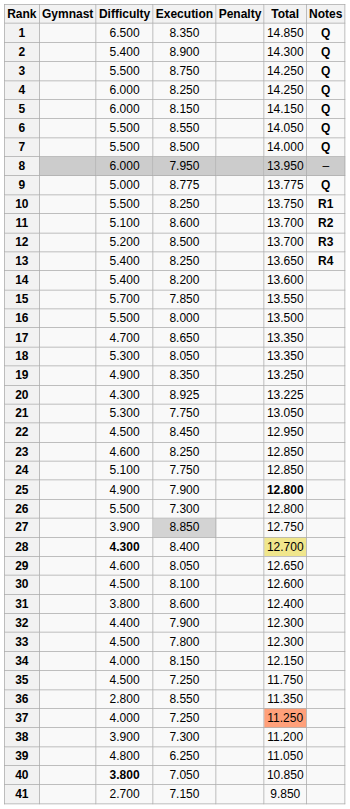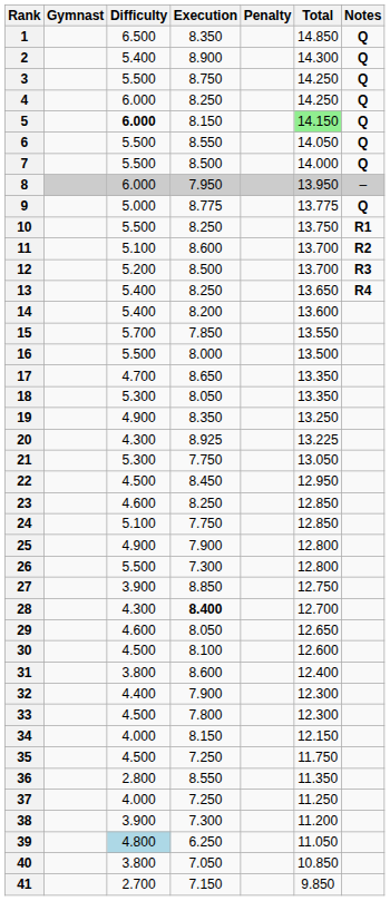 <table class="wikitable sortable" style="text-align:center">
 <tr>
 <th>Rank</th>
 <th>Gymnast</th>
 <th>Difficulty</th>
 <th>Execution</th>
 <th>Penalty</th>
 <th>Total</th>
 <th>Notes</th>
 </tr>
 <tr>
 <th scope=row>1</th>
 <td align=left></td>
 <td>6.500</td>
 <td>8.350</td>
 <td></td>
 <td>14.850</td>
 <td><strong>Q</strong></td>
 </tr>
 <tr>
 <th scope=row>2</th>
 <td align=left></td>
 <td>5.400</td>
 <td>8.900</td>
 <td></td>
 <td>14.300</td>
 <td><strong>Q</strong></td>
 </tr>
 <tr>
 <th scope=row>3</th>
 <td align=left></td>
 <td>5.500</td>
 <td>8.750</td>
 <td></td>
 <td>14.250</td>
 <td><strong>Q</strong></td>
 </tr>
 <tr>
 <th scope=row>4</th>
 <td align=left></td>
 <td>6.000</td>
 <td>8.250</td>
 <td></td>
 <td>14.250</td>
 <td><strong>Q</strong></td>
 </tr>
 <tr>
 <th scope=row>5</th>
 <td align=left></td>
-<td>6.000</td>
+<td><strong>6.000</strong></td>
 <td>8.150</td>
 <td></td>
-<td>14.150</td>
+<td style="background: lightgreen;">14.150</td>
 <td><strong>Q</strong></td>
 </tr>
 <tr>
 <th scope=row>6</th>
 <td align=left></td>
 <td>5.500</td>
 <td>8.550</td>
 <td></td>
 <td>14.050</td>
 <td><strong>Q</strong></td>
 </tr>
 <tr>
 <th scope=row>7</th>
 <td align=left></td>
 <td>5.500</td>
 <td>8.500</td>
 <td></td>
 <td>14.000</td>
 <td><strong>Q</strong></td>
 </tr>
 <tr bgcolor="cccccc">
 <th scope=row>8</th>
 <td align=left></td>
 <td>6.000</td>
 <td>7.950</td>
 <td></td>
 <td>13.950</td>
 <td>–</td>
 </tr>
 <tr>
 <th scope=row>9</th>
 <td align=left></td>
 <td>5.000</td>
 <td>8.775</td>
 <td></td>
 <td>13.775</td>
 <td><strong>Q</strong></td>
 </tr>
 <tr>
 <th scope=row>10</th>
 <td align=left></td>
 <td>5.500</td>
 <td>8.250</td>
 <td></td>
 <td>13.750</td>
 <td><strong>R1</strong></td>
 </tr>
 <tr>
 <th scope=row>11</th>
 <td align=left></td>
 <td>5.100</td>
 <td>8.600</td>
 <td></td>
 <td>13.700</td>
 <td><strong>R2</strong></td>
 </tr>
 <tr>
 <th scope=row>12</th>
 <td align=left></td>
 <td>5.200</td>
 <td>8.500</td>
 <td></td>
 <td>13.700</td>
 <td><strong>R3</strong></td>
 </tr>
 <tr>
 <th scope=row>13</th>
 <td align=left></td>
 <td>5.400</td>
 <td>8.250</td>
 <td></td>
 <td>13.650</td>
 <td><strong>R4</strong></td>
 </tr>
 <tr>
 <th scope=row>14</th>
 <td align=left></td>
 <td>5.400</td>
 <td>8.200</td>
 <td></td>
 <td>13.600</td>
 <td></td>
 </tr>
 <tr>
 <th scope=row>15</th>
 <td align=left></td>
 <td>5.700</td>
 <td>7.850</td>
 <td></td>
 <td>13.550</td>
 <td></td>
 </tr>
 <tr>
 <th scope=row>16</th>
 <td align=left></td>
 <td>5.500</td>
 <td>8.000</td>
 <td></td>
 <td>13.500</td>
 <td></td>
 </tr>
 <tr>
 <th scope=row>17</th>
 <td align=left></td>
 <td>4.700</td>
 <td>8.650</td>
 <td></td>
 <td>13.350</td>
 <td></td>
 </tr>
 <tr>
 <th scope=row>18</th>
 <td align=left></td>
 <td>5.300</td>
 <td>8.050</td>
 <td></td>
 <td>13.350</td>
 <td></td>
 </tr>
 <tr>
 <th scope=row>19</th>
 <td align=left></td>
 <td>4.900</td>
 <td>8.350</td>
 <td></td>
 <td>13.250</td>
 <td></td>
 </tr>
 <tr>
 <th scope=row>20</th>
 <td align=left></td>
 <td>4.300</td>
 <td>8.925</td>
 <td></td>
 <td>13.225</td>
 <td></td>
 </tr>
 <tr>
 <th scope=row>21</th>
 <td align=left></td>
 <td>5.300</td>
 <td>7.750</td>
 <td></td>
 <td>13.050</td>
 <td></td>
 </tr>
 <tr>
 <th scope=row>22</th>
 <td align=left></td>
 <td>4.500</td>
 <td>8.450</td>
 <td></td>
 <td>12.950</td>
 <td></td>
 </tr>
 <tr>
 <th scope=row>23</th>
 <td align=left></td>
 <td>4.600</td>
 <td>8.250</td>
 <td></td>
 <td>12.850</td>
 <td></td>
 </tr>
 <tr>
 <th scope=row>24</th>
 <td align=left></td>
 <td>5.100</td>
 <td>7.750</td>
 <td></td>
 <td>12.850</td>
 <td></td>
 </tr>
 <tr>
 <th scope=row>25</th>
 <td align=left></td>
 <td>4.900</td>
 <td>7.900</td>
 <td></td>
-<td><strong>12.800</strong></td>
+<td>12.800</td>
 <td></td>
 </tr>
 <tr>
 <th scope=row>26</th>
 <td align=left></td>
 <td>5.500</td>
 <td>7.300</td>
 <td></td>
 <td>12.800</td>
 <td></td>
 </tr>
 <tr>
 <th scope=row>27</th>
 <td align=left></td>
 <td>3.900</td>
-<td style="background: lightgrey;">8.850</td>
+<td>8.850</td>
 <td></td>
 <td>12.750</td>
 <td></td>
 </tr>
 <tr>
 <th scope=row>28</th>
 <td align=left></td>
-<td><strong>4.300</strong></td>
-<td>8.400</td>
+<td>4.300</td>
+<td><strong>8.400</strong></td>
 <td></td>
-<td style="background: khaki;">12.700</td>
+<td>12.700</td>
 <td></td>
 </tr>
 <tr>
 <th scope=row>29</th>
 <td align=left></td>
 <td>4.600</td>
 <td>8.050</td>
 <td></td>
 <td>12.650</td>
 <td></td>
 </tr>
 <tr>
 <th scope=row>30</th>
 <td align=left></td>
 <td>4.500</td>
 <td>8.100</td>
 <td></td>
 <td>12.600</td>
 <td></td>
 </tr>
 <tr>
 <th scope=row>31</th>
 <td align=left></td>
 <td>3.800</td>
 <td>8.600</td>
 <td></td>
 <td>12.400</td>
 <td></td>
 </tr>
 <tr>
 <th scope=row>32</th>
 <td align=left></td>
 <td>4.400</td>
 <td>7.900</td>
 <td></td>
 <td>12.300</td>
 <td></td>
 </tr>
 <tr>
 <th scope=row>33</th>
 <td align=left></td>
 <td>4.500</td>
 <td>7.800</td>
 <td></td>
 <td>12.300</td>
 <td></td>
 </tr>
 <tr>
 <th scope=row>34</th>
 <td align=left></td>
 <td>4.000</td>
 <td>8.150</td>
 <td></td>
 <td>12.150</td>
 <td></td>
 </tr>
 <tr>
 <th scope=row>35</th>
 <td align=left></td>
 <td>4.500</td>
 <td>7.250</td>
 <td></td>
 <td>11.750</td>
 <td></td>
 </tr>
 <tr>
 <th scope=row>36</th>
 <td align=left></td>
 <td>2.800</td>
 <td>8.550</td>
 <td></td>
 <td>11.350</td>
 <td></td>
 </tr>
 <tr>
 <th scope=row>37</th>
 <td align=left></td>
 <td>4.000</td>
 <td>7.250</td>
 <td></td>
-<td style="background: lightsalmon;">11.250</td>
+<td>11.250</td>
 <td></td>
 </tr>
 <tr>
 <th scope=row>38</th>
 <td align=left></td>
 <td>3.900</td>
 <td>7.300</td>
 <td></td>
 <td>11.200</td>
 <td></td>
 </tr>
 <tr>
 <th scope=row>39</th>
 <td align=left></td>
-<td>4.800</td>
+<td style="background: lightblue;">4.800</td>
 <td>6.250</td>
 <td></td>
 <td>11.050</td>
 <td></td>
 </tr>
 <tr>
 <th scope=row>40</th>
 <td align=left></td>
-<td><strong>3.800</strong></td>
+<td>3.800</td>
 <td>7.050</td>
 <td></td>
 <td>10.850</td>
 <td></td>
 </tr>
 <tr>
 <th scope=row>41</th>
 <td align=left></td>
 <td>2.700</td>
 <td>7.150</td>
 <td></td>
 <td>9.850</td>
 <td></td>
 </tr>
 </table>
